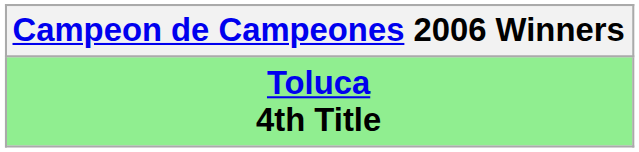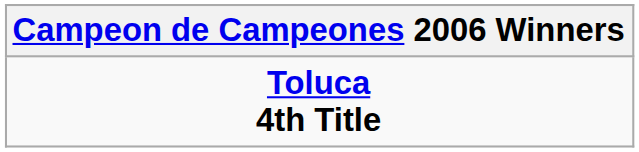 <table class="wikitable" style="text-align: center; margin: 0 auto;">
 <tr>
 <th><a href='#'>Campeon de Campeones</a> 2006 Winners</th>
 </tr>
 <tr>
-<td style="background: lightgreen;"><strong><a href='#'>Toluca</a></strong><br><strong>4th Title</strong></td>
+<td><strong><a href='#'>Toluca</a></strong><br><strong>4th Title</strong></td>
 </tr>
 </table>
